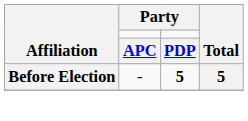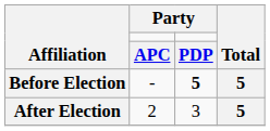 <table class=wikitable style="text-align:center">
 <tr style="vertical-align:bottom;">
 <th rowspan=3>Affiliation</th>
 <th colspan=2>Party</th>
 <th rowspan=3>Total</th>
 </tr>
 <tr>
 <td style="background-color:"></td>
 <td style="background-color:"></td>
 </tr>
 <tr>
 <th><a href='#'>APC</a></th>
 <th><a href='#'>PDP</a></th>
 </tr>
 <tr>
 <th>Before Election</th>
 <td>-</td>
 <td><strong>5</strong></td>
 <th>5</th>
 </tr>
 <tr>
+<th>After Election</th>
+<td>2</td>
+<td>3</td>
+<th>5</th>
+</tr>
+<tr>
 </tr>
 </table>
